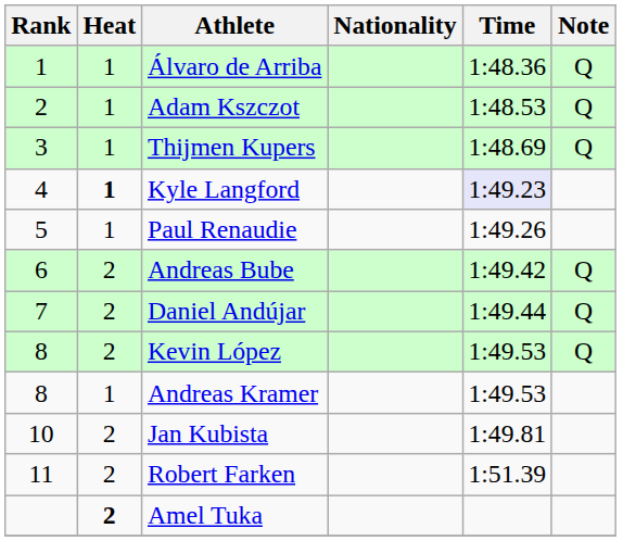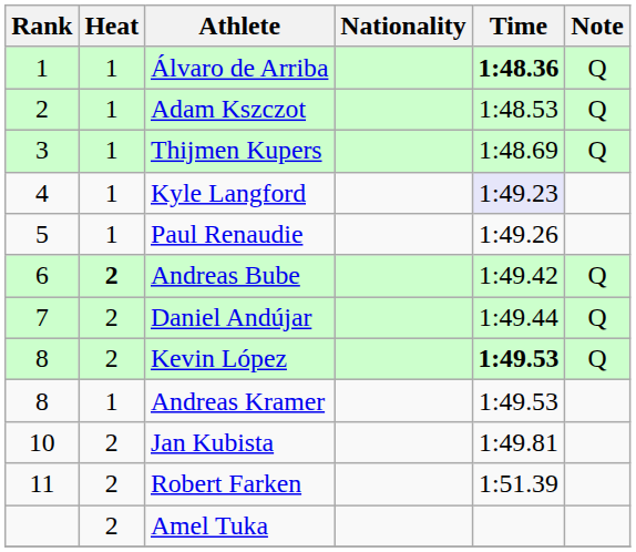 <table class="wikitable sortable" style="text-align:center">
 <tr>
 <th>Rank</th>
 <th>Heat</th>
 <th>Athlete</th>
 <th>Nationality</th>
 <th>Time</th>
 <th>Note</th>
 </tr>
 <tr bgcolor=ccffcc>
 <td>1</td>
 <td>1</td>
 <td align=left><a href='#'>Álvaro de Arriba</a></td>
 <td align=left></td>
-<td>1:48.36</td>
+<td><strong>1:48.36</strong></td>
 <td>Q</td>
 </tr>
 <tr bgcolor=ccffcc>
 <td>2</td>
 <td>1</td>
 <td align=left><a href='#'>Adam Kszczot</a></td>
 <td align=left></td>
 <td>1:48.53</td>
 <td>Q</td>
 </tr>
 <tr bgcolor=ccffcc>
 <td>3</td>
 <td>1</td>
 <td align=left><a href='#'>Thijmen Kupers</a></td>
 <td align=left></td>
 <td>1:48.69</td>
 <td>Q</td>
 </tr>
 <tr>
 <td>4</td>
-<td><strong>1</strong></td>
+<td>1</td>
 <td align=left><a href='#'>Kyle Langford</a></td>
 <td align=left></td>
 <td style="background: lavender;">1:49.23</td>
 <td></td>
 </tr>
 <tr>
 <td>5</td>
 <td>1</td>
 <td align=left><a href='#'>Paul Renaudie</a></td>
 <td align=left></td>
 <td>1:49.26</td>
 <td></td>
 </tr>
 <tr bgcolor=ccffcc>
 <td>6</td>
-<td>2</td>
+<td><strong>2</strong></td>
 <td align=left><a href='#'>Andreas Bube</a></td>
 <td align=left></td>
 <td>1:49.42</td>
 <td>Q</td>
 </tr>
 <tr bgcolor=ccffcc>
 <td>7</td>
 <td>2</td>
 <td align=left><a href='#'>Daniel Andújar</a></td>
 <td align=left></td>
 <td>1:49.44</td>
 <td>Q</td>
 </tr>
 <tr bgcolor=ccffcc>
 <td>8</td>
 <td>2</td>
 <td align=left><a href='#'>Kevin López</a></td>
 <td align=left></td>
-<td>1:49.53</td>
+<td><strong>1:49.53</strong></td>
 <td>Q</td>
 </tr>
 <tr>
 <td>8</td>
 <td>1</td>
 <td align=left><a href='#'>Andreas Kramer</a></td>
 <td align=left></td>
 <td>1:49.53</td>
 <td></td>
 </tr>
 <tr>
 <td>10</td>
 <td>2</td>
 <td align=left><a href='#'>Jan Kubista</a></td>
 <td align=left></td>
 <td>1:49.81</td>
 <td></td>
 </tr>
 <tr>
 <td>11</td>
 <td>2</td>
 <td align=left><a href='#'>Robert Farken</a></td>
 <td align=left></td>
 <td>1:51.39</td>
 <td></td>
 </tr>
 <tr>
 <td></td>
-<td><strong>2</strong></td>
+<td>2</td>
 <td align=left><a href='#'>Amel Tuka</a></td>
 <td align=left></td>
 <td></td>
 <td></td>
 </tr>
 <tr>
 </tr>
 </table>
